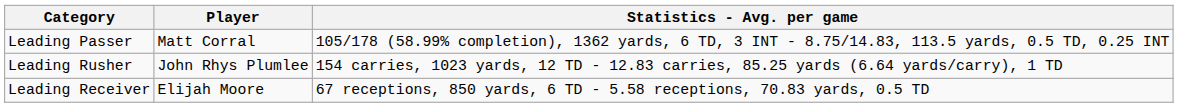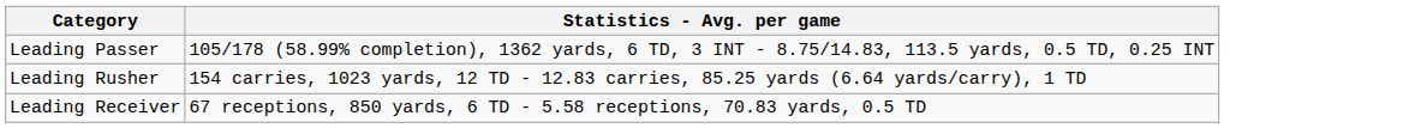 <table class="wikitable" style="float: left;">
 <tr>
 <th>Category</th>
-<th>Player</th>
 <th>Statistics - Avg. per game</th>
 </tr>
 <tr>
 <td>Leading Passer</td>
-<td>Matt Corral</td>
 <td>105/178 (58.99% completion), 1362 yards, 6 TD, 3 INT - 8.75/14.83, 113.5 yards, 0.5 TD, 0.25 INT</td>
 </tr>
 <tr>
 <td>Leading Rusher</td>
-<td>John Rhys Plumlee</td>
 <td>154 carries, 1023 yards, 12 TD - 12.83 carries, 85.25 yards (6.64 yards/carry), 1 TD</td>
 </tr>
 <tr>
 <td>Leading Receiver</td>
-<td>Elijah Moore</td>
 <td>67 receptions, 850 yards, 6 TD - 5.58 receptions, 70.83 yards, 0.5 TD</td>
 </tr>
 </table>
